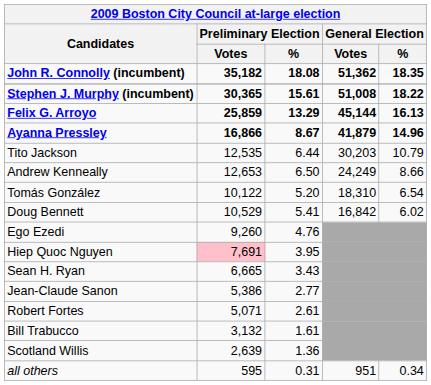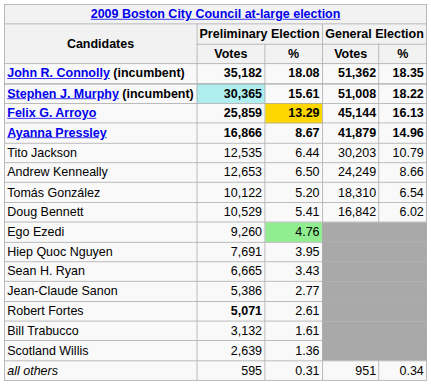 <table class=wikitable>
 <tr>
 <th colspan=5><a href='#'>2009 Boston City Council at-large election</a></th>
 </tr>
 <tr>
 <th colspan=1 rowspan=2><strong>Candidates</strong></th>
 <th colspan=2><strong>Preliminary Election</strong></th>
 <th colspan=2><strong>General Election</strong></th>
 </tr>
 <tr>
 <th>Votes</th>
 <th>%</th>
 <th>Votes</th>
 <th>%</th>
 </tr>
 <tr>
 <td><strong><a href='#'>John R. Connolly</a> (incumbent)</strong></td>
 <td align="right"><strong>35,182</strong></td>
 <td align="right"><strong>18.08</strong></td>
 <td align="right"><strong>51,362</strong></td>
 <td align="right"><strong>18.35</strong></td>
 </tr>
 <tr>
 </tr>
 <tr>
 <td><strong><a href='#'>Stephen J. Murphy</a> (incumbent)</strong></td>
-<td align="right"><strong>30,365</strong></td>
+<td align="right" style="background: paleturquoise;"><strong>30,365</strong></td>
 <td align="right"><strong>15.61</strong></td>
 <td align="right"><strong>51,008</strong></td>
 <td align="right"><strong>18.22</strong></td>
 </tr>
 <tr>
 <td><strong><a href='#'>Felix G. Arroyo</a></strong></td>
 <td align="right"><strong>25,859</strong></td>
-<td align="right"><strong>13.29</strong></td>
+<td align="right" style="background: gold;"><strong>13.29</strong></td>
 <td align="right"><strong>45,144</strong></td>
 <td align="right"><strong>16.13</strong></td>
 </tr>
 <tr>
 <td><strong><a href='#'>Ayanna Pressley</a></strong></td>
 <td align="right"><strong>16,866</strong></td>
 <td align="right"><strong>8.67</strong></td>
 <td align="right"><strong>41,879</strong></td>
 <td align="right"><strong>14.96</strong></td>
 </tr>
 <tr>
 <td>Tito Jackson</td>
 <td align="right">12,535</td>
 <td align="right">6.44</td>
 <td align="right">30,203</td>
 <td align="right">10.79</td>
 </tr>
 <tr>
 <td>Andrew Kenneally</td>
 <td align="right">12,653</td>
 <td align="right">6.50</td>
 <td align="right">24,249</td>
 <td align="right">8.66</td>
 </tr>
 <tr>
 <td>Tomás González</td>
 <td align="right">10,122</td>
 <td align="right">5.20</td>
 <td align="right">18,310</td>
 <td align="right">6.54</td>
 </tr>
 <tr>
 <td>Doug Bennett</td>
 <td align="right">10,529</td>
 <td align="right">5.41</td>
 <td align="right">16,842</td>
 <td align="right">6.02</td>
 </tr>
 <tr>
 <td>Ego Ezedi</td>
 <td align="right">9,260</td>
-<td align="right">4.76</td>
+<td align="right" style="background: lightgreen;">4.76</td>
 <td colspan=2 bgcolor=darkgray></td>
 </tr>
 <tr>
 <td>Hiep Quoc Nguyen</td>
-<td align="right" style="background: pink;">7,691</td>
+<td align="right">7,691</td>
 <td align="right">3.95</td>
 <td colspan=2 bgcolor=darkgray></td>
 </tr>
 <tr>
 <td>Sean H. Ryan</td>
 <td align="right">6,665</td>
 <td align="right">3.43</td>
 <td colspan=2 bgcolor=darkgray></td>
 </tr>
 <tr>
 <td>Jean-Claude Sanon</td>
 <td align="right">5,386</td>
 <td align="right">2.77</td>
 <td colspan=2 bgcolor=darkgray></td>
 </tr>
 <tr>
 <td>Robert Fortes</td>
-<td align="right">5,071</td>
+<td align="right"><strong>5,071</strong></td>
 <td align="right">2.61</td>
 <td colspan=2 bgcolor=darkgray></td>
 </tr>
 <tr>
 <td>Bill Trabucco</td>
 <td align="right">3,132</td>
 <td align="right">1.61</td>
 <td colspan=2 bgcolor=darkgray></td>
 </tr>
 <tr>
 <td>Scotland Willis</td>
 <td align="right">2,639</td>
 <td align="right">1.36</td>
 <td colspan=2 bgcolor=darkgray></td>
 </tr>
 <tr>
 <td><em>all others</em></td>
 <td align="right">595</td>
 <td align="right">0.31</td>
 <td align="right">951</td>
 <td align="right">0.34</td>
 </tr>
 </table>
